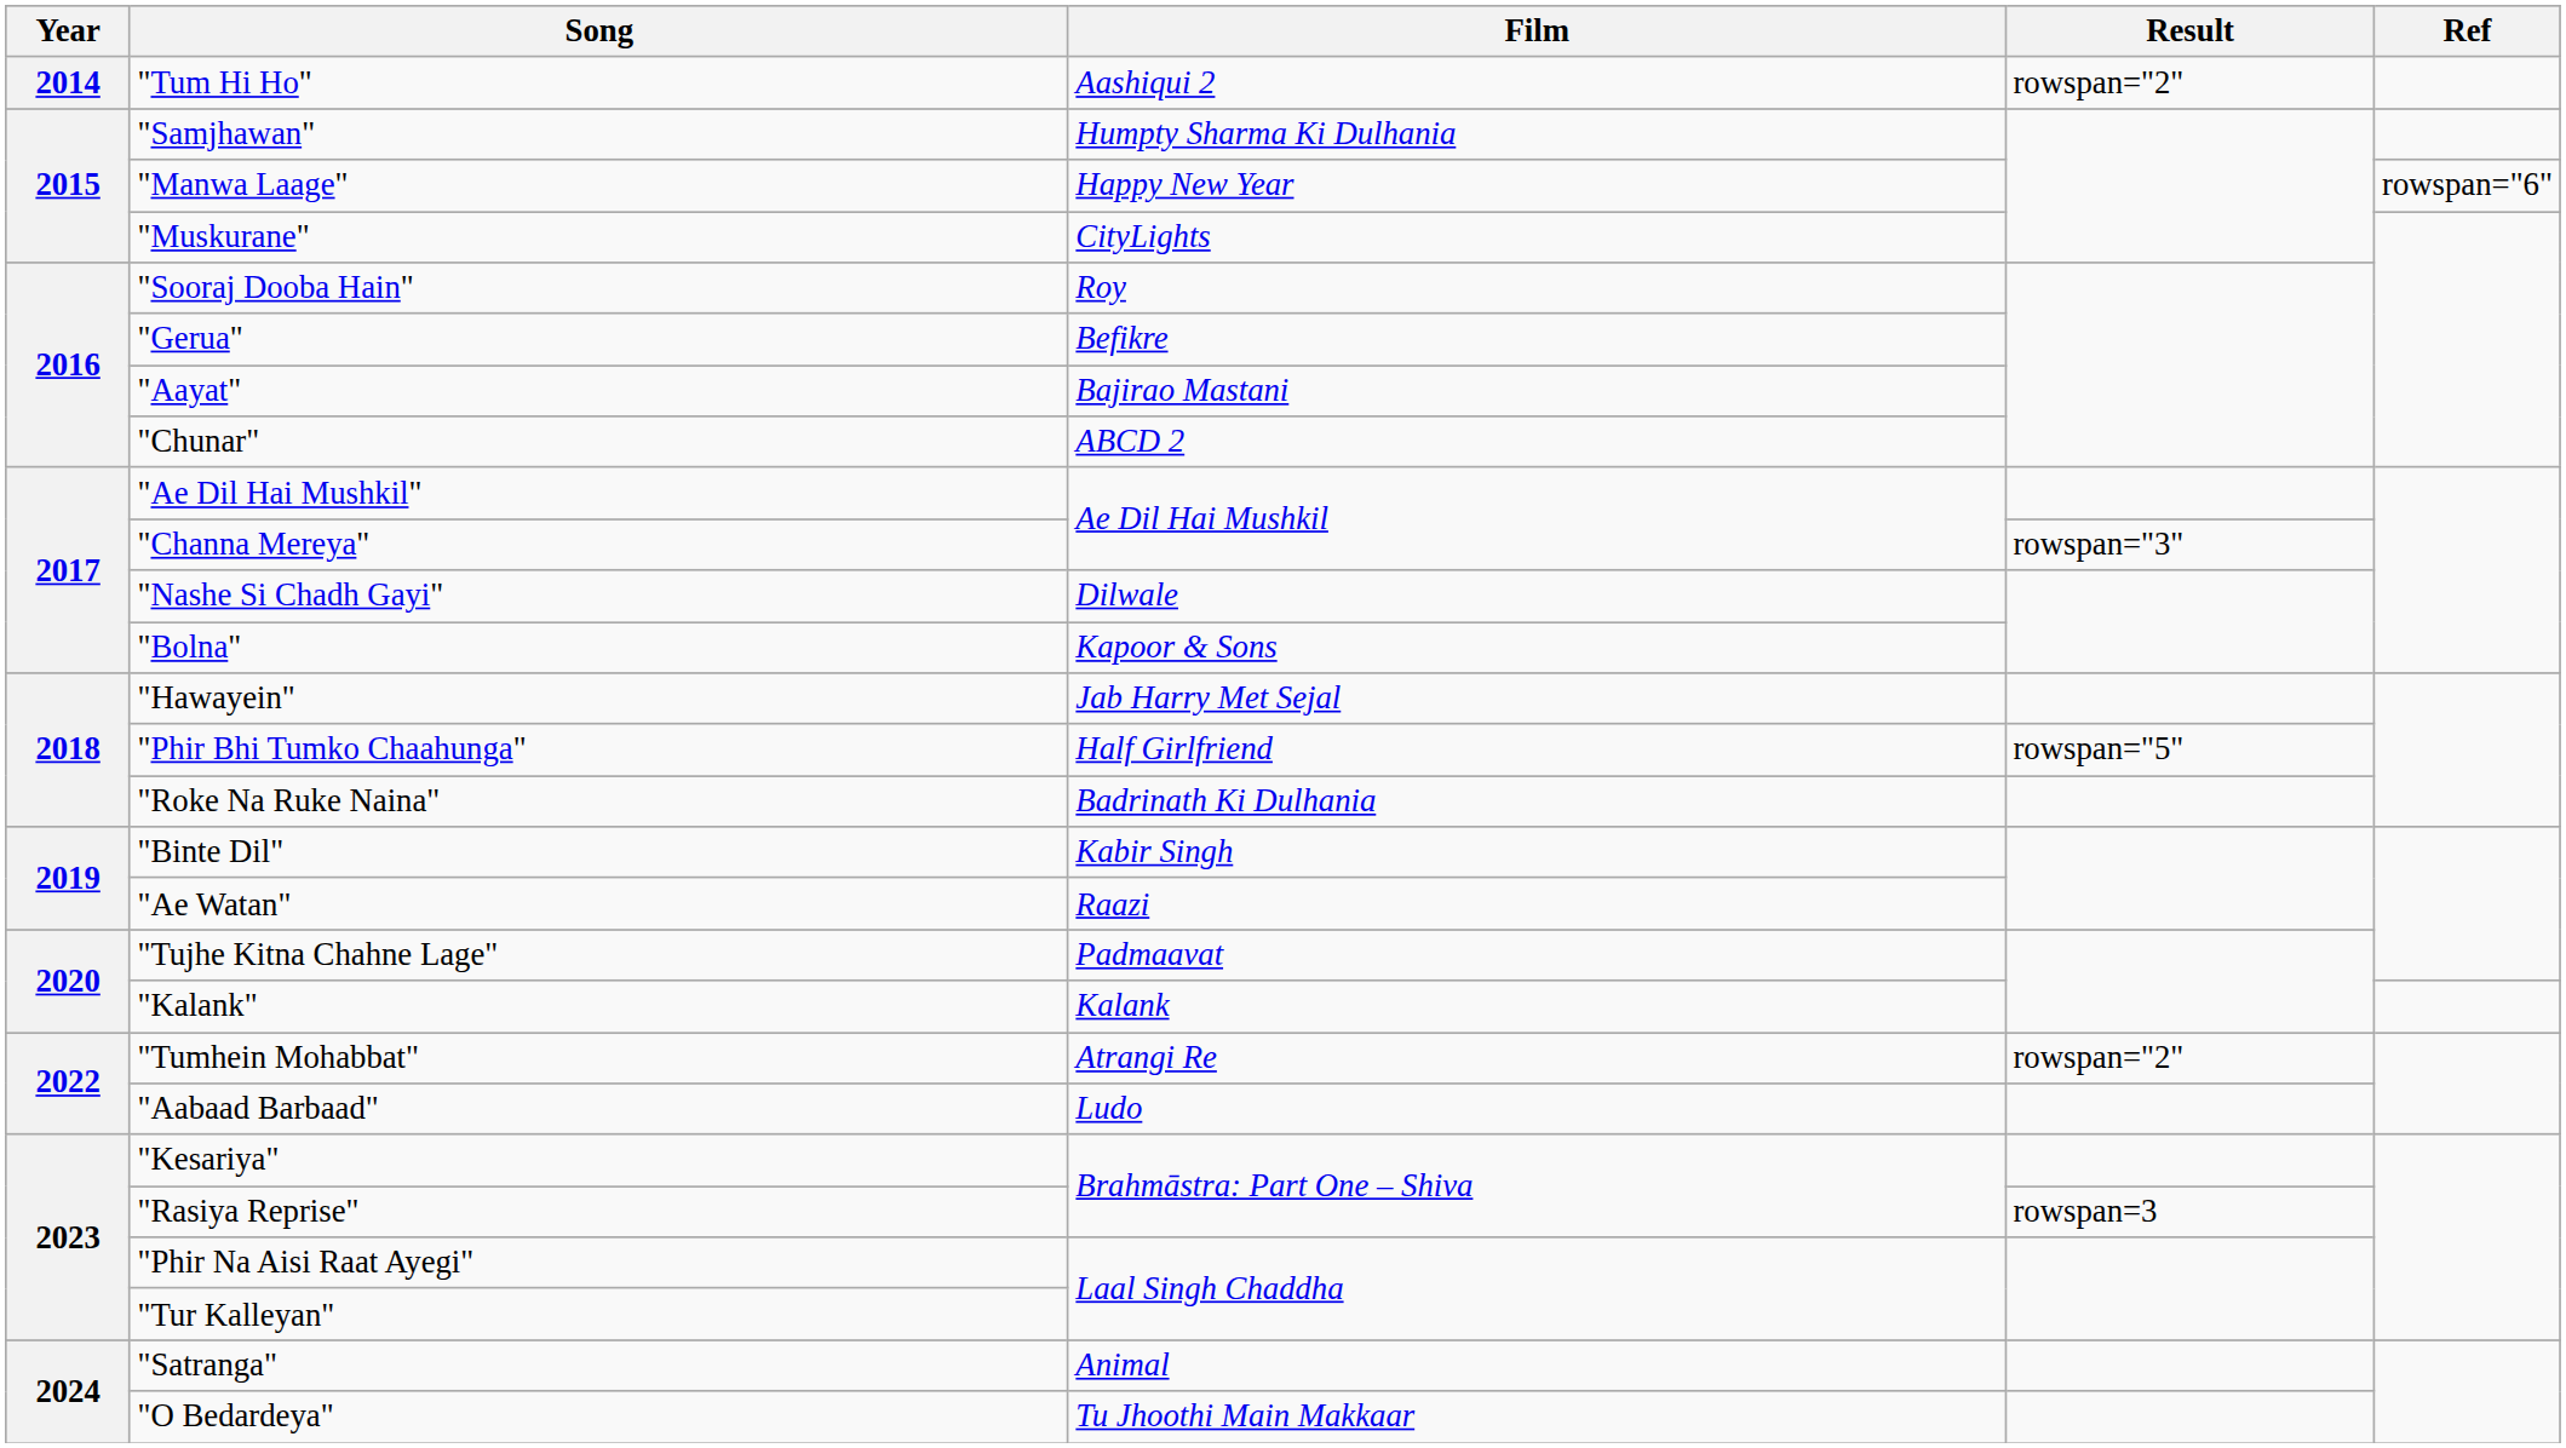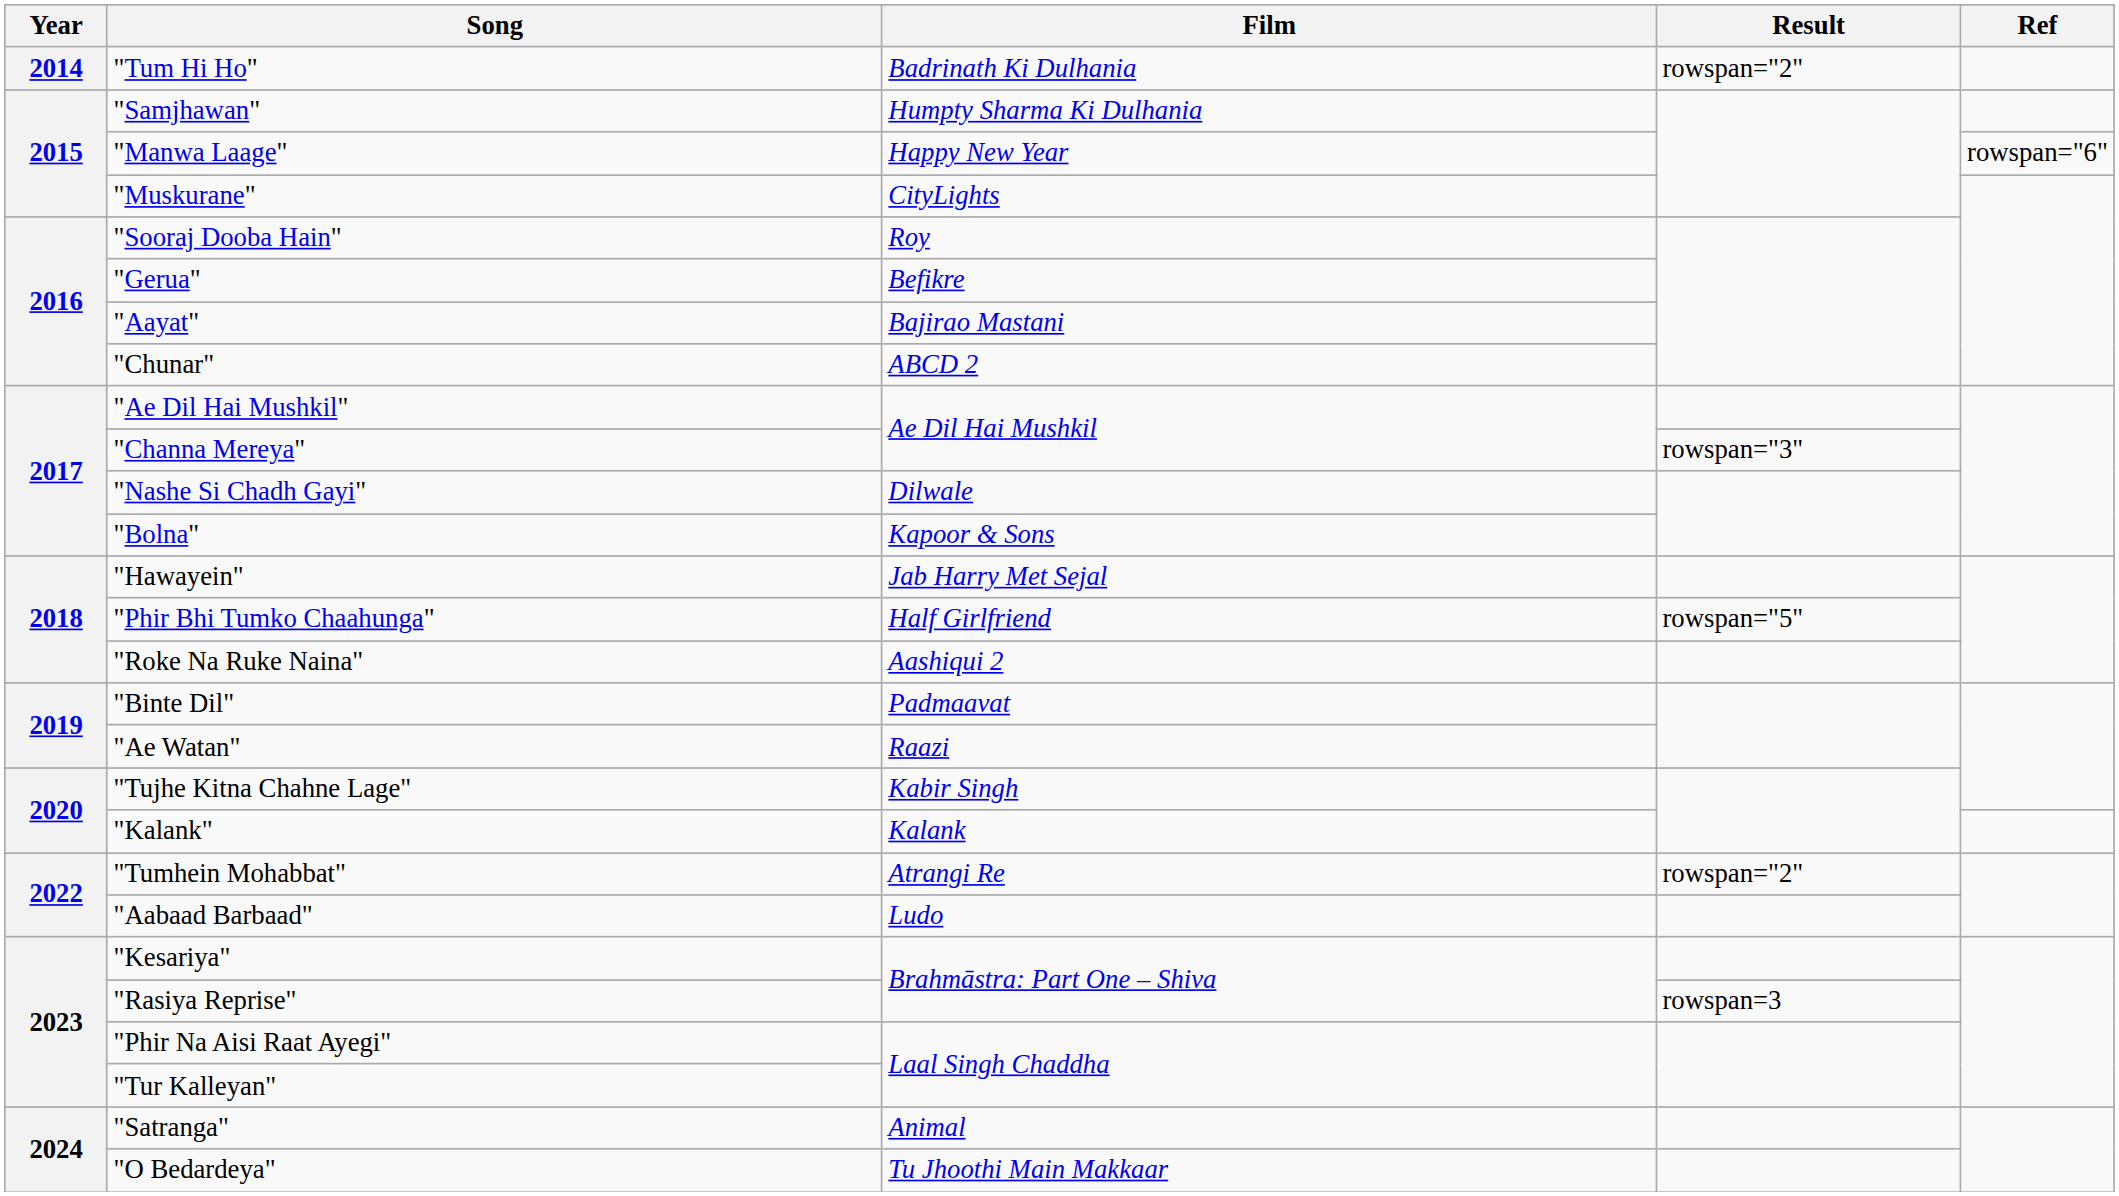 <table class="wikitable plainrowheaders" width="100%" textcolor:#000;">
 <tr>
 <th scope="col" width=5%><strong>Year</strong></th>
 <th scope="col" width=39%><strong>Song</strong></th>
 <th scope="col" width=39%><strong>Film</strong></th>
 <th scope="col" width=15%><strong>Result</strong></th>
 <th scope="col" width=15%><strong>Ref</strong></th>
 </tr>
 <tr>
 <th scope="row"><a href='#'>2014</a></th>
 <td>"<a href='#'>Tum Hi Ho</a>"</td>
-<td><em><a href='#'>Aashiqui 2</a></em></td>
+<td><em><a href='#'>Badrinath Ki Dulhania</a></em></td>
 <td>rowspan="2" </td>
 <td></td>
 </tr>
 <tr>
 <th scope="row" rowspan="3"><a href='#'>2015</a></th>
 <td>"<a href='#'>Samjhawan</a>"</td>
 <td><em><a href='#'>Humpty Sharma Ki Dulhania</a></em></td>
 <td rowspan="3"></td>
 </tr>
 <tr>
 <td>"<a href='#'>Manwa Laage</a>"</td>
 <td><em><a href='#'>Happy New Year</a></em></td>
 <td>rowspan="6" </td>
 </tr>
 <tr>
 <td>"<a href='#'>Muskurane</a>"</td>
 <td><em><a href='#'>CityLights</a></em></td>
 </tr>
 <tr>
 <th scope="row" rowspan="4"><a href='#'>2016</a></th>
 <td>"<a href='#'>Sooraj Dooba Hain</a>"</td>
 <td><em><a href='#'>Roy</a></em></td>
 <td rowspan="4"></td>
 </tr>
 <tr>
 <td>"<a href='#'>Gerua</a>"</td>
 <td><em><a href='#'>Befikre</a></em></td>
 </tr>
 <tr>
 <td>"<a href='#'>Aayat</a>"</td>
 <td><em><a href='#'>Bajirao Mastani</a></em></td>
 </tr>
 <tr>
 <td>"Chunar"</td>
 <td><em><a href='#'>ABCD 2</a></em></td>
 </tr>
 <tr>
 <th scope="row" rowspan="4"><a href='#'>2017</a></th>
 <td>"<a href='#'>Ae Dil Hai Mushkil</a>"</td>
 <td rowspan="2"><em><a href='#'>Ae Dil Hai Mushkil</a></em></td>
 <td></td>
 <td rowspan="4"></td>
 </tr>
 <tr>
 <td>"<a href='#'>Channa Mereya</a>"</td>
 <td>rowspan="3" </td>
 </tr>
 <tr>
 <td>"<a href='#'>Nashe Si Chadh Gayi</a>"</td>
 <td><em><a href='#'>Dilwale</a></em></td>
 </tr>
 <tr>
 <td>"<a href='#'>Bolna</a>"</td>
 <td><em><a href='#'>Kapoor & Sons</a></em></td>
 </tr>
 <tr>
 <th scope="row" rowspan="3"><a href='#'>2018</a></th>
 <td>"Hawayein"</td>
 <td><em><a href='#'>Jab Harry Met Sejal</a></em></td>
 <td></td>
 <td rowspan="3"></td>
 </tr>
 <tr>
 <td>"<a href='#'>Phir Bhi Tumko Chaahunga</a>"</td>
 <td><em><a href='#'>Half Girlfriend</a></em></td>
 <td>rowspan="5" </td>
 </tr>
 <tr>
 <td>"Roke Na Ruke Naina"</td>
-<td><em><a href='#'>Badrinath Ki Dulhania</a></em></td>
+<td><em><a href='#'>Aashiqui 2</a></em></td>
 </tr>
 <tr>
 <th scope="row" rowspan="2"><a href='#'>2019</a></th>
 <td>"Binte Dil"</td>
-<td><em><a href='#'>Kabir Singh</a></em></td>
+<td><em><a href='#'>Padmaavat</a></em></td>
 <td rowspan="2"></td>
 </tr>
 <tr>
 <td>"Ae Watan"</td>
 <td><em><a href='#'>Raazi</a></em></td>
 </tr>
 <tr>
 <th scope="row" rowspan="2"><a href='#'>2020</a></th>
 <td>"Tujhe Kitna Chahne Lage"</td>
-<td><em><a href='#'>Padmaavat</a></em></td>
+<td><em><a href='#'>Kabir Singh</a></em></td>
 <td rowspan="2"></td>
 </tr>
 <tr>
 <td>"Kalank"</td>
 <td><em><a href='#'>Kalank</a></em></td>
 <td></td>
 </tr>
 <tr>
 <th scope="row" rowspan="2"><a href='#'>2022</a></th>
 <td>"Tumhein Mohabbat"</td>
 <td><em><a href='#'>Atrangi Re</a></em></td>
 <td>rowspan="2" </td>
 <td rowspan="2"></td>
 </tr>
 <tr>
 <td>"Aabaad Barbaad"</td>
 <td><em><a href='#'>Ludo</a></em></td>
 </tr>
 <tr>
 <th scope="row" rowspan="4">2023</th>
 <td>"Kesariya"</td>
 <td rowspan="2"><em><a href='#'>Brahmāstra: Part One – Shiva</a></em></td>
 <td></td>
 <td rowspan="4"></td>
 </tr>
 <tr>
 <td>"Rasiya Reprise"</td>
 <td>rowspan=3 </td>
 </tr>
 <tr>
 <td>"Phir Na Aisi Raat Ayegi"</td>
 <td rowspan="2"><em><a href='#'>Laal Singh Chaddha</a></em></td>
 </tr>
 <tr>
 <td>"Tur Kalleyan"</td>
 </tr>
 <tr>
 <th scope="row" rowspan="2">2024</th>
 <td>"Satranga"</td>
 <td><em><a href='#'>Animal</a></em></td>
 <td></td>
 <td rowspan="2"></td>
 </tr>
 <tr>
 <td>"O Bedardeya"</td>
 <td><em><a href='#'>Tu Jhoothi Main Makkaar</a></em></td>
 <td></td>
 </tr>
 </table>
